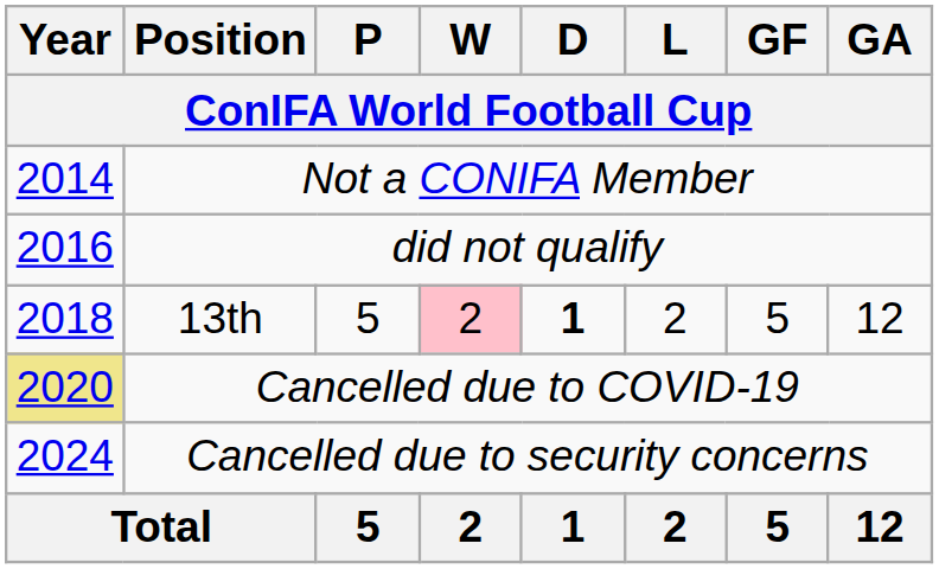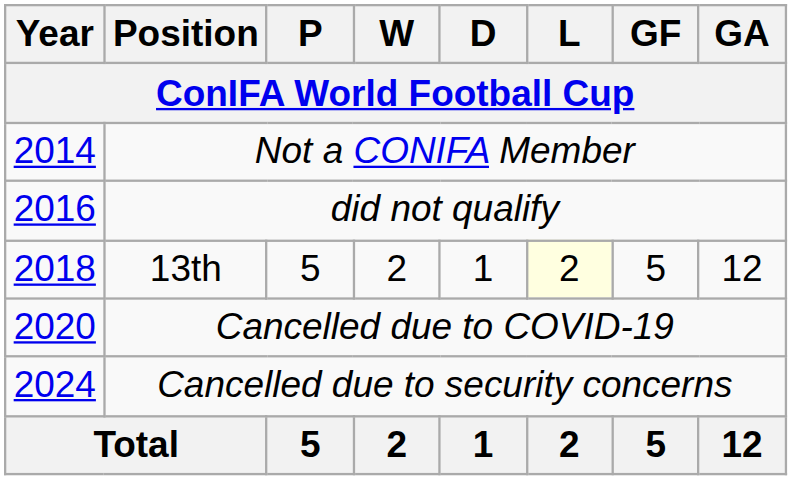 <table class="wikitable" style="text-align: center;">
 <tr>
 <th>Year</th>
 <th>Position</th>
 <th width=30>P</th>
 <th width=30>W</th>
 <th width=30>D</th>
 <th width=30>L</th>
 <th width=30>GF</th>
 <th width=30>GA</th>
 </tr>
 <tr>
 <th colspan=8><a href='#'>ConIFA World Football Cup</a></th>
 </tr>
 <tr>
 <td> <a href='#'>2014</a></td>
 <td colspan=7><em>Not a <a href='#'>CONIFA</a> Member</em></td>
 </tr>
 <tr>
 <td> <a href='#'>2016</a></td>
 <td colspan=7><em>did not qualify</em></td>
 </tr>
 <tr>
 <td> <a href='#'>2018</a></td>
 <td>13th</td>
 <td>5</td>
-<td style="background: pink;">2</td>
-<td><strong>1</strong></td>
 <td>2</td>
+<td>1</td>
+<td style="background: lightyellow;">2</td>
 <td>5</td>
 <td>12</td>
 </tr>
 <tr>
-<td style="background: khaki;"> <a href='#'>2020</a></td>
+<td> <a href='#'>2020</a></td>
 <td colspan=7><em>Cancelled due to COVID-19</em></td>
 </tr>
 <tr>
 <td> <a href='#'>2024</a></td>
 <td colspan=7><em>Cancelled due to security concerns</em></td>
 </tr>
 <tr>
 <th colspan=2>Total</th>
 <th>5</th>
 <th>2</th>
 <th>1</th>
 <th>2</th>
 <th>5</th>
 <th>12</th>
 </tr>
 </table>
